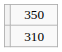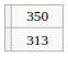 <table class="wikitable">
 <tr>
 <th></th>
 <td style="padding-left: 1em; padding-right: 1em">350</td>
 </tr>
 <tr>
 <th></th>
-<td style="padding-left: 1em; padding-right: 1em">310</td>
+<td style="padding-left: 1em; padding-right: 1em">313</td>
 </tr>
 </table>
